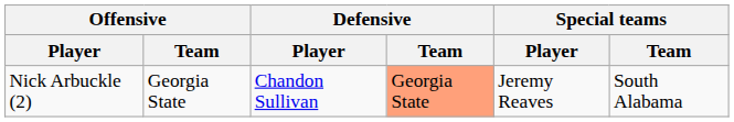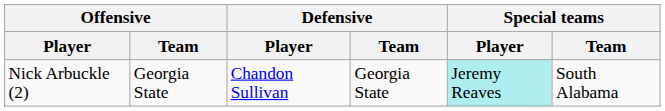 <table class="wikitable">
 <tr>
 <th colspan="2">Offensive</th>
 <th colspan="2">Defensive</th>
 <th colspan="2">Special teams</th>
 </tr>
 <tr>
 <th>Player</th>
 <th>Team</th>
 <th>Player</th>
 <th>Team</th>
 <th>Player</th>
 <th>Team</th>
 </tr>
 <tr>
 <td>Nick Arbuckle (2)</td>
 <td>Georgia State</td>
 <td><a href='#'>Chandon Sullivan</a></td>
-<td style="background: lightsalmon;">Georgia State</td>
-<td>Jeremy Reaves</td>
+<td>Georgia State</td>
+<td style="background: paleturquoise;">Jeremy Reaves</td>
 <td>South Alabama</td>
 </tr>
 </table>
